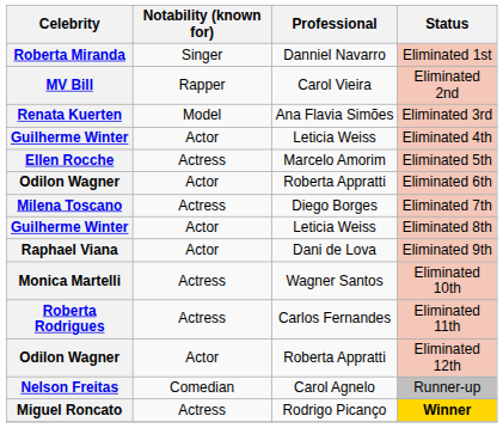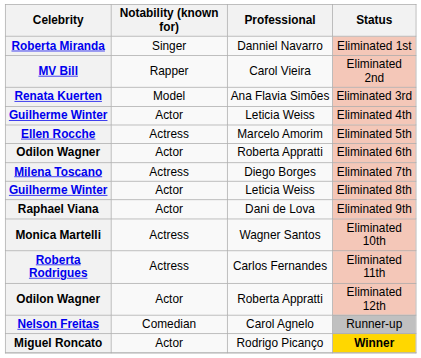 <table class= "wikitable sortable" style="text-align: center; margin:auto; align: center">
 <tr>
 <th width=135>Celebrity</th>
 <th width=150>Notability (known for)</th>
 <th width=135>Professional</th>
 <th width=105>Status</th>
 </tr>
 <tr>
 <th><a href='#'>Roberta Miranda</a></th>
 <td>Singer</td>
 <td>Danniel Navarro</td>
 <td bgcolor="F4C7B8">Eliminated 1st<br></td>
 </tr>
 <tr>
 <th><a href='#'>MV Bill</a></th>
 <td>Rapper</td>
 <td>Carol Vieira</td>
 <td bgcolor="F4C7B8">Eliminated 2nd<br></td>
 </tr>
 <tr>
 <th><a href='#'>Renata Kuerten</a></th>
 <td>Model</td>
 <td>Ana Flavia Simões</td>
 <td bgcolor="F4C7B8">Eliminated 3rd<br></td>
 </tr>
 <tr>
 <th><a href='#'>Guilherme Winter</a><br></th>
 <td>Actor</td>
 <td>Leticia Weiss</td>
 <td bgcolor="F4C7B8">Eliminated 4th<br></td>
 </tr>
 <tr>
 <th><a href='#'>Ellen Rocche</a></th>
 <td>Actress</td>
 <td>Marcelo Amorim</td>
 <td bgcolor="F4C7B8">Eliminated 5th<br></td>
 </tr>
 <tr>
 <th>Odilon Wagner<br></th>
 <td>Actor</td>
 <td>Roberta Appratti</td>
 <td bgcolor="F4C7B8">Eliminated 6th<br></td>
 </tr>
 <tr>
 <th><a href='#'>Milena Toscano</a></th>
 <td>Actress</td>
 <td>Diego Borges</td>
 <td bgcolor="F4C7B8">Eliminated 7th<br></td>
 </tr>
 <tr>
 <th><a href='#'>Guilherme Winter</a></th>
 <td>Actor</td>
 <td>Leticia Weiss</td>
 <td bgcolor="F4C7B8">Eliminated 8th<br></td>
 </tr>
 <tr>
 <th>Raphael Viana</th>
 <td>Actor</td>
 <td>Dani de Lova</td>
 <td bgcolor="F4C7B8">Eliminated 9th<br></td>
 </tr>
 <tr>
 <th>Monica Martelli</th>
 <td>Actress</td>
 <td>Wagner Santos</td>
 <td bgcolor="F4C7B8">Eliminated 10th<br></td>
 </tr>
 <tr>
 <th><a href='#'>Roberta Rodrigues</a></th>
 <td>Actress</td>
 <td>Carlos Fernandes</td>
 <td bgcolor="F4C7B8">Eliminated 11th<br></td>
 </tr>
 <tr>
 <th>Odilon Wagner</th>
 <td>Actor</td>
 <td>Roberta Appratti</td>
 <td bgcolor="F4C7B8">Eliminated 12th<br></td>
 </tr>
 <tr>
 <th><a href='#'>Nelson Freitas</a></th>
 <td>Comedian</td>
 <td>Carol Agnelo</td>
 <td bgcolor="C0C0C0">Runner-up<br></td>
 </tr>
 <tr>
 <th>Miguel Roncato</th>
-<td>Actress</td>
+<td>Actor</td>
 <td>Rodrigo Picanço</td>
 <td bgcolor="FFD700"><strong>Winner</strong><br></td>
 </tr>
 <tr>
 </tr>
 </table>
